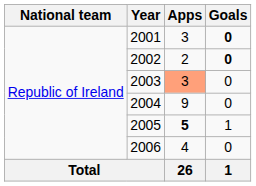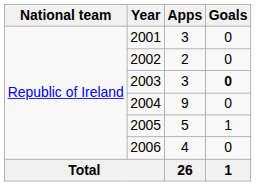 <table class="wikitable" style="text-align:center;">
 <tr>
 <th>National team</th>
 <th>Year</th>
 <th>Apps</th>
 <th>Goals</th>
 </tr>
 <tr>
 <td rowspan="6"><a href='#'>Republic of Ireland</a></td>
 <td>2001</td>
 <td>3</td>
-<td><strong>0</strong></td>
+<td>0</td>
 </tr>
 <tr>
 <td>2002</td>
 <td>2</td>
-<td><strong>0</strong></td>
+<td>0</td>
 </tr>
 <tr>
 <td>2003</td>
-<td style="background: lightsalmon;">3</td>
-<td>0</td>
+<td>3</td>
+<td><strong>0</strong></td>
 </tr>
 <tr>
 <td>2004</td>
 <td>9</td>
 <td>0</td>
 </tr>
 <tr>
 <td>2005</td>
-<td><strong>5</strong></td>
+<td>5</td>
 <td>1</td>
 </tr>
 <tr>
 <td>2006</td>
 <td>4</td>
 <td>0</td>
 </tr>
 <tr>
 <th colspan=2>Total</th>
 <th>26</th>
 <th>1</th>
 </tr>
 </table>
